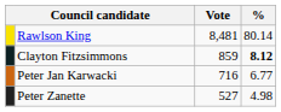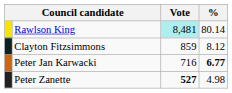 <table class="wikitable">
 <tr>
 <th bgcolor="#DDDDFF" width="230px" colspan="2">Council candidate</th>
 <th bgcolor="#DDDDFF" width="50px">Vote</th>
 <th bgcolor="#DDDDFF" width="30px">%</th>
 </tr>
 <tr>
 <td style="background-color:#F9E300;"></td>
 <td style="text-align:left;"><a href='#'>Rawlson King</a></td>
-<td style="text-align:right;">8,481</td>
+<td style="background: paleturquoise; text-align:right;">8,481</td>
 <td style="text-align:right;">80.14</td>
 </tr>
 <tr>
 <td style="background-color:#0d2123;"></td>
 <td style="text-align:left;">Clayton Fitzsimmons</td>
 <td style="text-align:right;">859</td>
-<td style="text-align:right;"><strong>8.12</strong></td>
+<td style="text-align:right;">8.12</td>
 </tr>
 <tr>
 <td style="background-color:#cc6611;"></td>
 <td style="text-align:left;">Peter Jan Karwacki</td>
 <td style="text-align:right;">716</td>
-<td style="text-align:right;">6.77</td>
+<td style="text-align:right;"><strong>6.77</strong></td>
 </tr>
 <tr>
 <td style="background-color:#212121;"></td>
 <td style="text-align:left;">Peter Zanette</td>
-<td style="text-align:right;">527</td>
+<td style="text-align:right;"><strong>527</strong></td>
 <td style="text-align:right;">4.98</td>
 </tr>
 </table>
